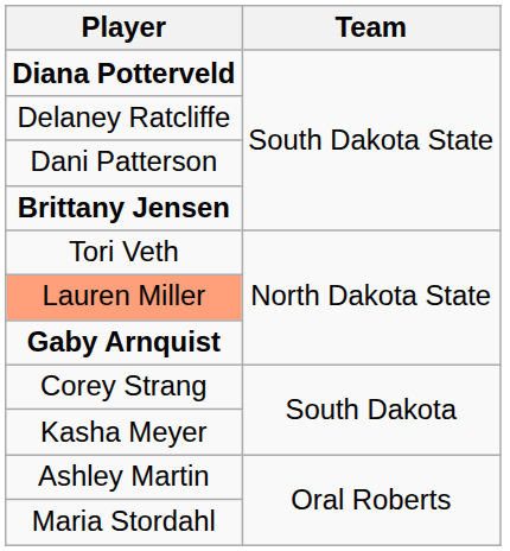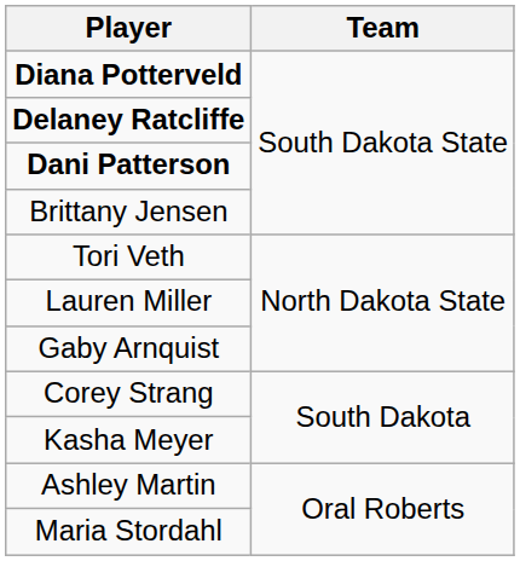 <table class="wikitable" style="text-align: center;">
 <tr>
 <th>Player</th>
 <th>Team</th>
 </tr>
 <tr>
 <td><strong>Diana Potterveld</strong></td>
 <td rowspan=4>South Dakota State</td>
 </tr>
 <tr>
-<td>Delaney Ratcliffe</td>
+<td><strong>Delaney Ratcliffe</strong></td>
 </tr>
 <tr>
-<td>Dani Patterson</td>
+<td><strong>Dani Patterson</strong></td>
 </tr>
 <tr>
-<td><strong>Brittany Jensen</strong></td>
+<td>Brittany Jensen</td>
 </tr>
 <tr>
 <td>Tori Veth</td>
 <td rowspan=3>North Dakota State</td>
 </tr>
 <tr>
-<td style="background: lightsalmon;">Lauren Miller</td>
+<td>Lauren Miller</td>
 </tr>
 <tr>
-<td><strong>Gaby Arnquist</strong></td>
+<td>Gaby Arnquist</td>
 </tr>
 <tr>
 <td>Corey Strang</td>
 <td rowspan=2>South Dakota</td>
 </tr>
 <tr>
 <td>Kasha Meyer</td>
 </tr>
 <tr>
 <td>Ashley Martin</td>
 <td rowspan=2>Oral Roberts</td>
 </tr>
 <tr>
 <td>Maria Stordahl</td>
 </tr>
 </table>
